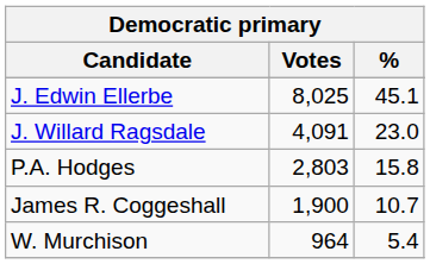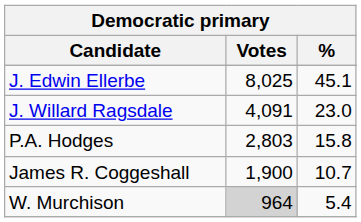 <table class="wikitable" align="left" style="margin: 1em 1em 1em 0; font-size: 95%;">
 <tr>
 <th colspan="3">Democratic primary</th>
 </tr>
 <tr>
 <th colspan="1" style="width: 170px">Candidate</th>
 <th style="width: 50px">Votes</th>
 <th style="width: 40px">%</th>
 </tr>
 <tr>
 </tr>
 <tr>
 <td><a href='#'>J. Edwin Ellerbe</a></td>
 <td align="right">8,025</td>
 <td align="right">45.1</td>
 </tr>
 <tr>
 <td><a href='#'>J. Willard Ragsdale</a></td>
 <td align="right">4,091</td>
 <td align="right">23.0</td>
 </tr>
 <tr>
 <td>P.A. Hodges</td>
 <td align="right">2,803</td>
 <td align="right">15.8</td>
 </tr>
 <tr>
 <td>James R. Coggeshall</td>
 <td align="right">1,900</td>
 <td align="right">10.7</td>
 </tr>
 <tr>
 <td>W. Murchison</td>
-<td align="right">964</td>
+<td align="right" style="background: lightgrey;">964</td>
 <td align="right">5.4</td>
 </tr>
 <tr>
 </tr>
 </table>
